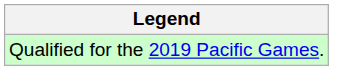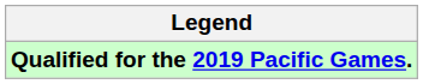 <table class="wikitable">
 <tr>
 <th>Legend</th>
 </tr>
 <tr bgcolor=ccffcc>
-<td>Qualified for the <a href='#'>2019 Pacific Games</a>.</td>
+<td><strong>Qualified for the <a href='#'>2019 Pacific Games</a>.</strong></td>
 </tr>
 </table>
